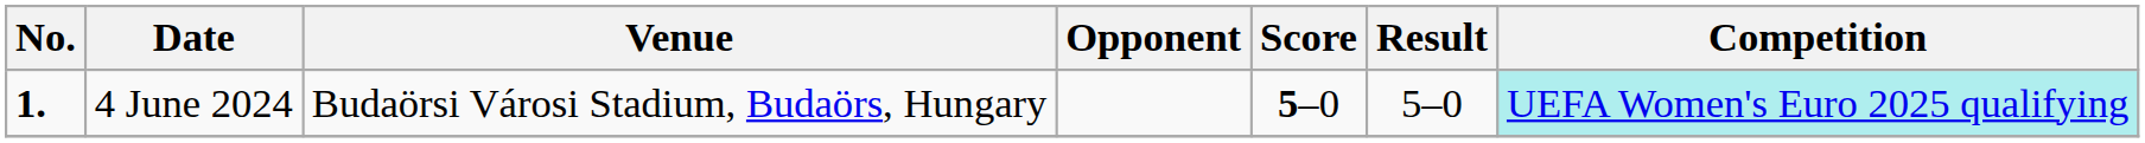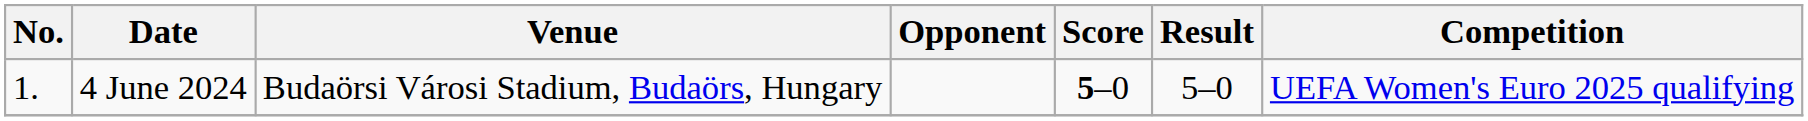 <table class="wikitable">
 <tr>
 <th>No.</th>
 <th>Date</th>
 <th>Venue</th>
 <th>Opponent</th>
 <th>Score</th>
 <th>Result</th>
 <th>Competition</th>
 </tr>
 <tr>
-<td><strong>1.</strong></td>
+<td>1.</td>
 <td>4 June 2024</td>
 <td>Budaörsi Városi Stadium, <a href='#'>Budaörs</a>, Hungary</td>
 <td></td>
 <td align=center><strong>5</strong>–0</td>
 <td align=center>5–0</td>
-<td style="background: paleturquoise;"><a href='#'>UEFA Women's Euro 2025 qualifying</a></td>
+<td><a href='#'>UEFA Women's Euro 2025 qualifying</a></td>
 </tr>
 <tr>
 </tr>
 </table>
